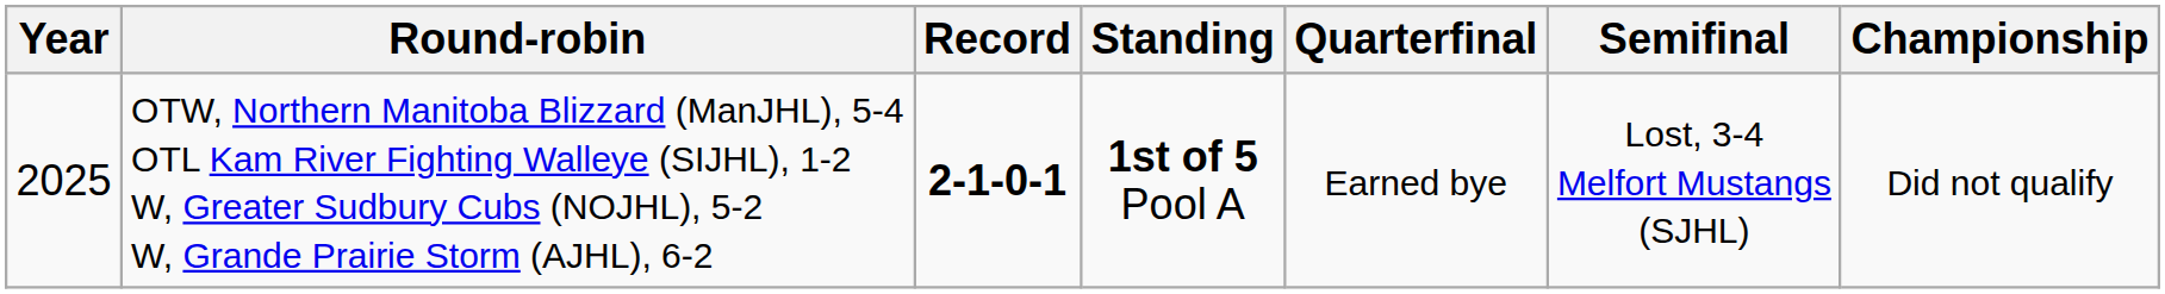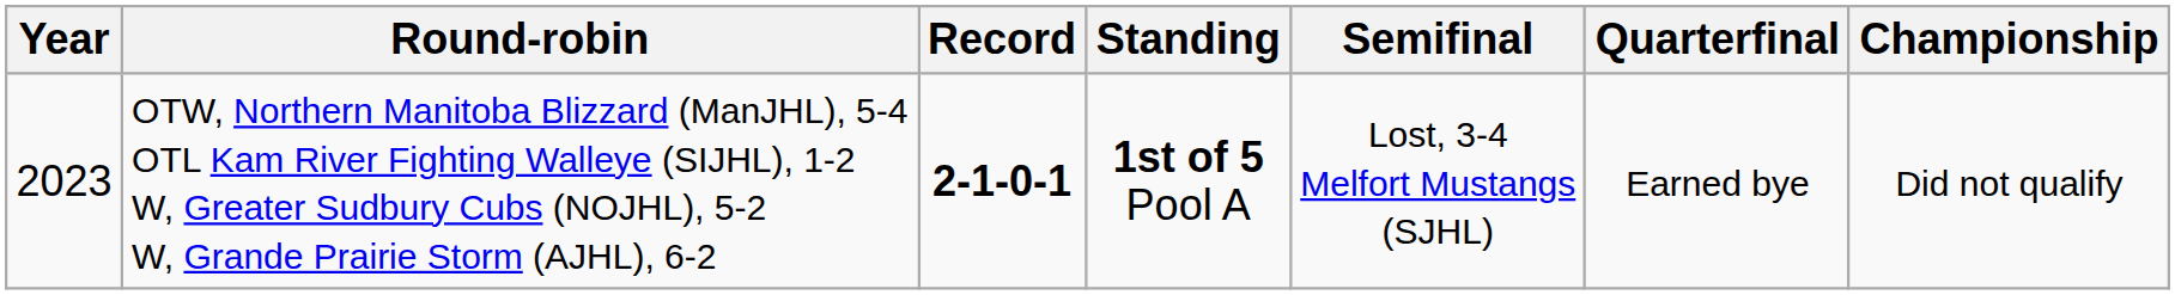 <table class="wikitable" style="text-align:center;">
 <tr>
 <th>Year</th>
 <th>Round-robin</th>
 <th>Record</th>
 <th>Standing</th>
+<th>Semifinal</th>
 <th>Quarterfinal</th>
-<th>Semifinal</th>
 <th>Championship</th>
 </tr>
 <tr>
-<td>2025</td>
+<td>2023</td>
 <td align=left><small>OTW, <a href='#'>Northern Manitoba Blizzard</a> (ManJHL), 5-4<br>OTL <a href='#'>Kam River Fighting Walleye</a> (SIJHL), 1-2<br>W, <a href='#'>Greater Sudbury Cubs</a> (NOJHL), 5-2<br>W, <a href='#'>Grande Prairie Storm</a> (AJHL), 6-2</small></td>
 <td><strong>2-1-0-1</strong></td>
 <td><strong>1st of 5</strong> <br>Pool A</td>
+<td><small>Lost, 3-4<br><a href='#'>Melfort Mustangs</a><br>(SJHL)</small></td>
 <td><small>Earned bye </small></td>
-<td><small>Lost, 3-4<br><a href='#'>Melfort Mustangs</a><br>(SJHL)</small></td>
 <td><small>Did not qualify </small></td>
 </tr>
 </table>
